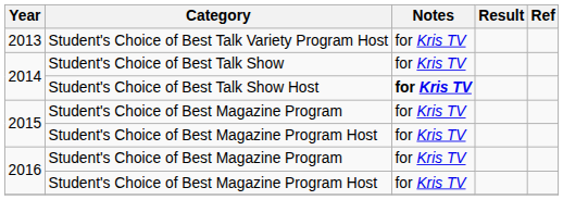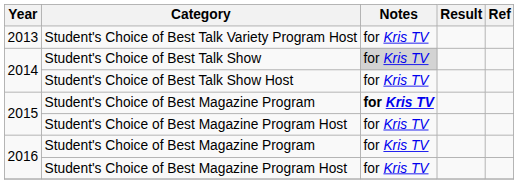 <table class="wikitable">
 <tr>
 <th>Year</th>
 <th>Category</th>
 <th>Notes</th>
 <th>Result</th>
 <th>Ref</th>
 </tr>
 <tr>
 <td>2013</td>
 <td>Student's Choice of Best Talk Variety Program Host</td>
 <td>for <em><a href='#'>Kris TV</a></em></td>
 <td></td>
 <td></td>
 </tr>
 <tr>
 <td rowspan="2">2014</td>
 <td>Student's Choice of Best Talk Show</td>
-<td>for <em><a href='#'>Kris TV</a></em></td>
+<td style="background: lightgrey;">for <em><a href='#'>Kris TV</a></em></td>
 <td></td>
 <td></td>
 </tr>
 <tr>
 <td>Student's Choice of Best Talk Show Host</td>
-<td><strong>for <em><a href='#'>Kris TV</a></em></strong></td>
+<td>for <em><a href='#'>Kris TV</a></em></td>
 <td></td>
 <td></td>
 </tr>
 <tr>
 <td rowspan="2">2015</td>
 <td>Student's Choice of Best Magazine Program</td>
-<td>for <em><a href='#'>Kris TV</a></em></td>
+<td><strong>for <em><a href='#'>Kris TV</a></em></strong></td>
 <td></td>
 <td></td>
 </tr>
 <tr>
 <td>Student's Choice of Best Magazine Program Host</td>
 <td>for <em><a href='#'>Kris TV</a></em></td>
 <td></td>
 <td></td>
 </tr>
 <tr>
 <td rowspan="2">2016</td>
 <td>Student's Choice of Best Magazine Program</td>
 <td>for <em><a href='#'>Kris TV</a></em></td>
 <td></td>
 <td></td>
 </tr>
 <tr>
 <td>Student's Choice of Best Magazine Program Host</td>
 <td>for <em><a href='#'>Kris TV</a></em></td>
 <td></td>
 <td></td>
 </tr>
 <tr>
 </tr>
 </table>
